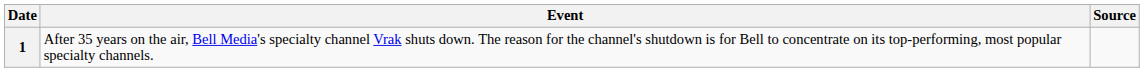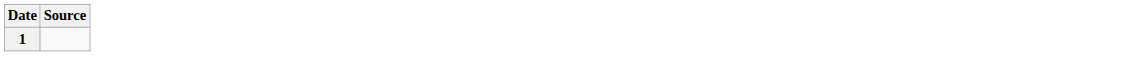 <table class="wikitable">
 <tr>
 <th>Date</th>
-<th>Event</th>
 <th>Source</th>
 </tr>
 <tr>
 <th>1</th>
-<td>After 35 years on the air, <a href='#'>Bell Media</a>'s specialty channel <a href='#'>Vrak</a> shuts down. The reason for the channel's shutdown is for Bell to concentrate on its top-performing, most popular specialty channels.</td>
 <td></td>
 </tr>
 </table>
